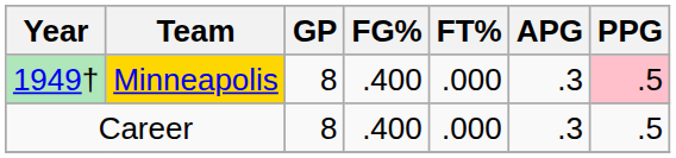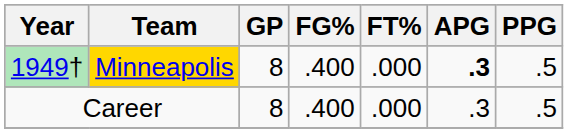 <table class="wikitable sortable" style="font-size:95%; text-align:right;">
 <tr>
 <th>Year</th>
 <th>Team</th>
 <th>GP</th>
 <th>FG%</th>
 <th>FT%</th>
 <th>APG</th>
 <th>PPG</th>
 </tr>
 <tr>
 <td style="text-align:left; background:#afe6ba;"><a href='#'>1949</a>†</td>
 <td style="background: gold; text-align:left;"><a href='#'>Minneapolis</a></td>
 <td>8</td>
 <td>.400</td>
 <td>.000</td>
-<td>.3</td>
-<td style="background: pink;">.5</td>
+<td><strong>.3</strong></td>
+<td>.5</td>
 </tr>
 <tr>
 <td style="text-align:center;" colspan="2">Career</td>
 <td>8</td>
 <td>.400</td>
 <td>.000</td>
 <td>.3</td>
 <td>.5</td>
 </tr>
 <tr>
 </tr>
 </table>
